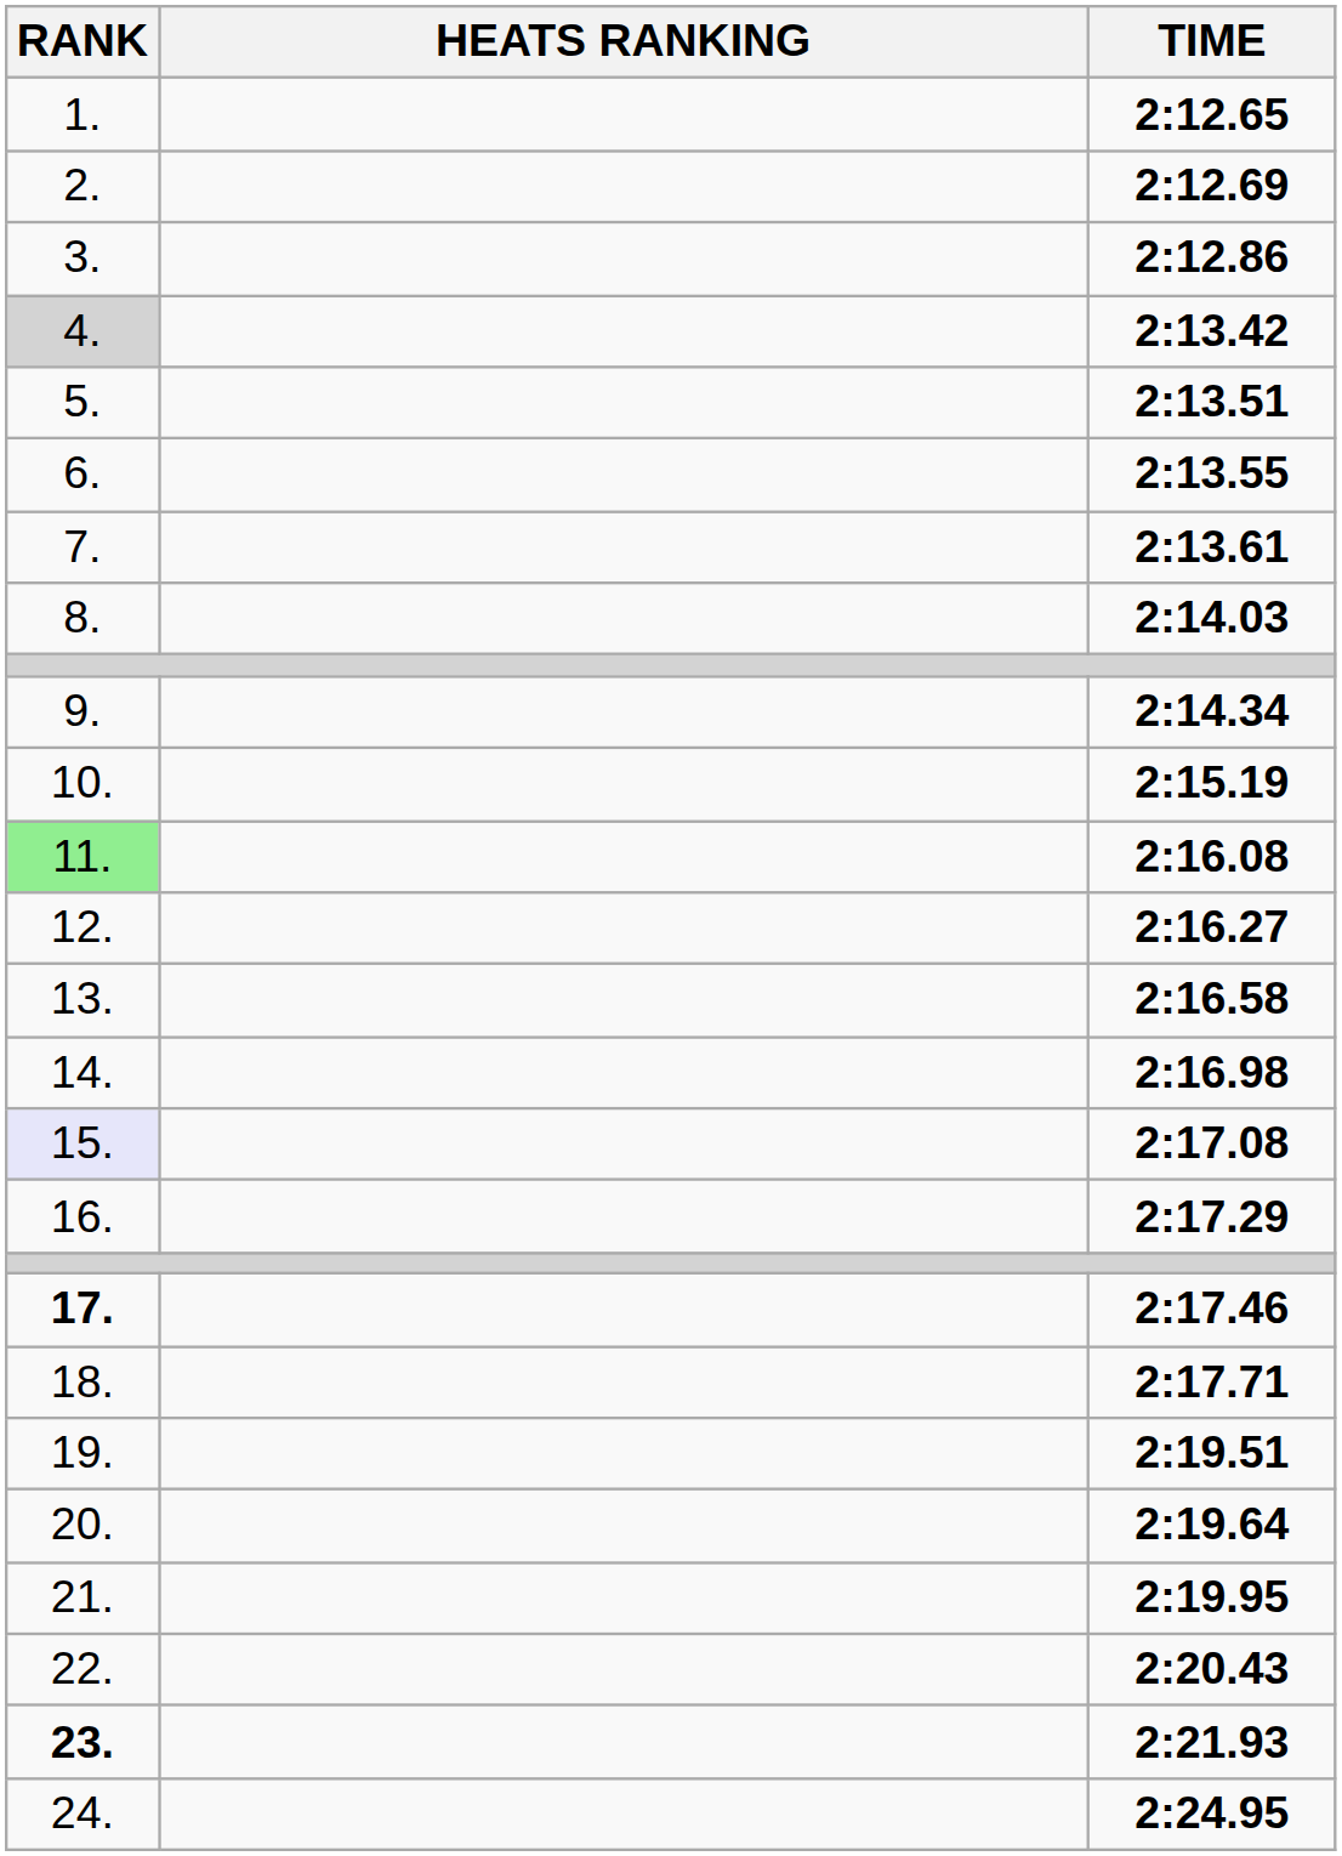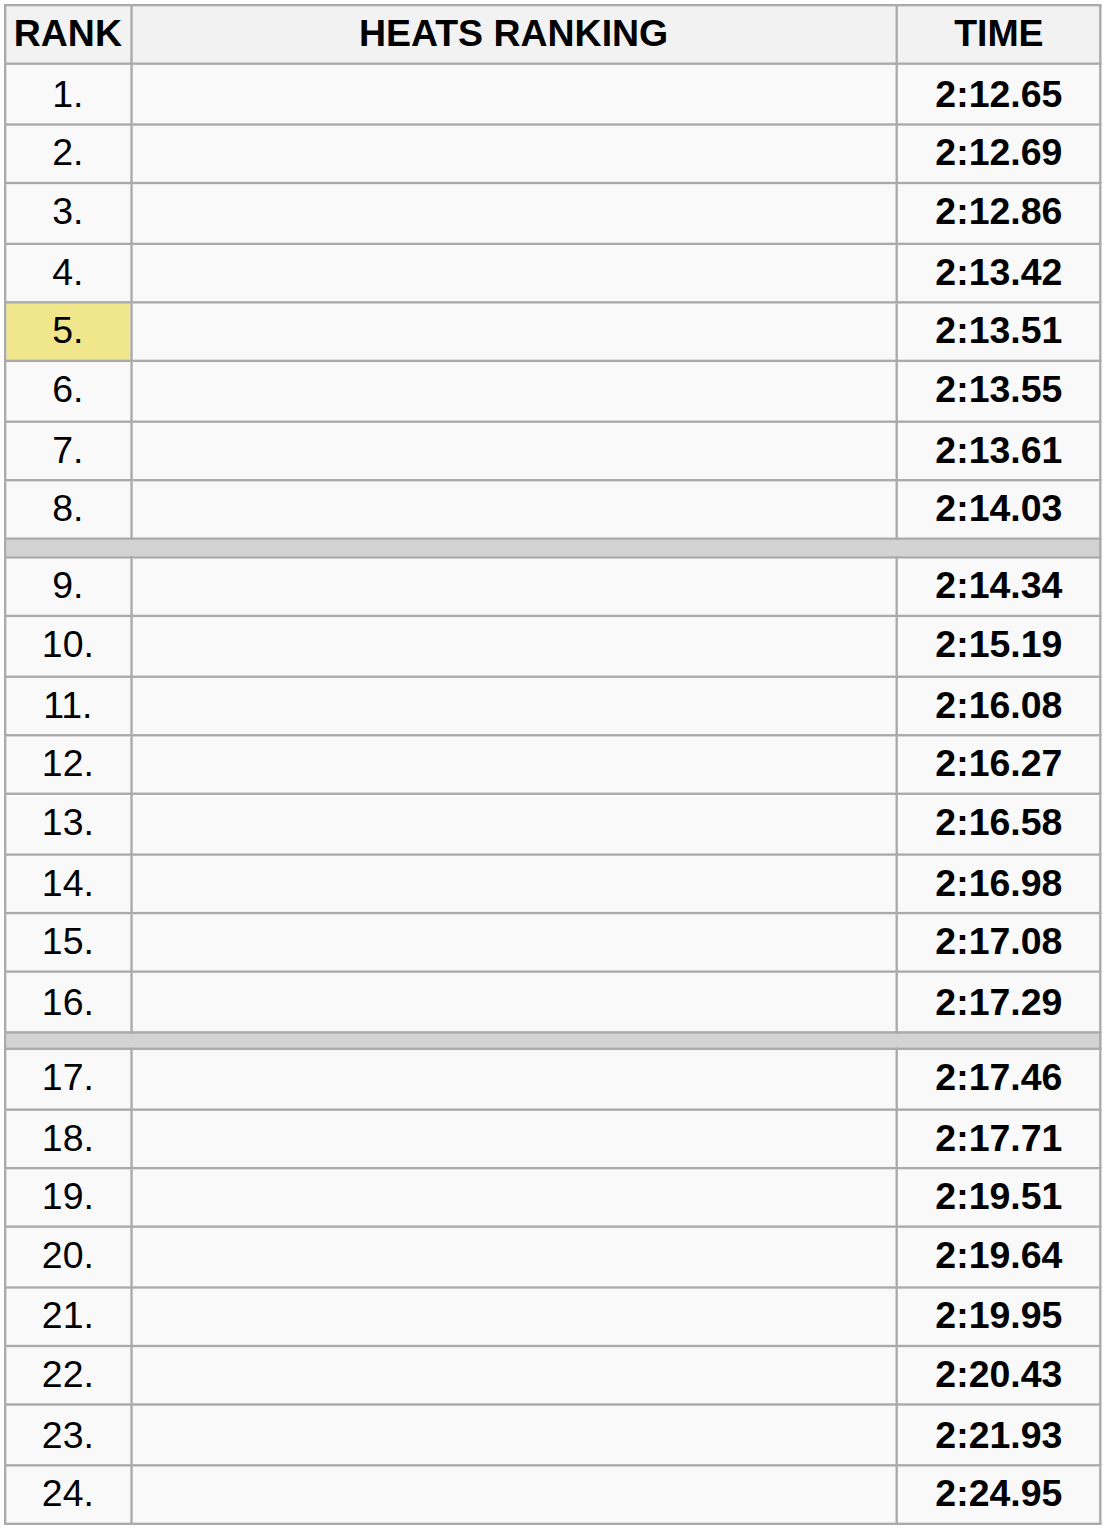 <table class="wikitable">
 <tr>
 <th>RANK</th>
 <th style="width: 20em">HEATS RANKING</th>
 <th style="width: 5em">TIME</th>
 </tr>
 <tr>
 <td align="center">1.</td>
 <td></td>
 <td align="center"><strong>2:12.65</strong></td>
 </tr>
 <tr>
 <td align="center">2.</td>
 <td></td>
 <td align="center"><strong>2:12.69</strong></td>
 </tr>
 <tr>
 <td align="center">3.</td>
 <td></td>
 <td align="center"><strong>2:12.86</strong></td>
 </tr>
 <tr>
-<td align="center" style="background: lightgrey;">4.</td>
+<td align="center">4.</td>
 <td></td>
 <td align="center"><strong>2:13.42</strong></td>
 </tr>
 <tr>
-<td align="center">5.</td>
+<td align="center" style="background: khaki;">5.</td>
 <td></td>
 <td align="center"><strong>2:13.51</strong></td>
 </tr>
 <tr>
 <td align="center">6.</td>
 <td></td>
 <td align="center"><strong>2:13.55</strong></td>
 </tr>
 <tr>
 <td align="center">7.</td>
 <td></td>
 <td align="center"><strong>2:13.61</strong></td>
 </tr>
 <tr>
 <td align="center">8.</td>
 <td></td>
 <td align="center"><strong>2:14.03</strong></td>
 </tr>
 <tr>
 <td colspan=3 bgcolor=lightgray></td>
 </tr>
 <tr>
 <td align="center">9.</td>
 <td></td>
 <td align="center"><strong>2:14.34</strong></td>
 </tr>
 <tr>
 <td align="center">10.</td>
 <td></td>
 <td align="center"><strong>2:15.19</strong></td>
 </tr>
 <tr>
-<td align="center" style="background: lightgreen;">11.</td>
+<td align="center">11.</td>
 <td></td>
 <td align="center"><strong>2:16.08</strong></td>
 </tr>
 <tr>
 <td align="center">12.</td>
 <td></td>
 <td align="center"><strong>2:16.27</strong></td>
 </tr>
 <tr>
 <td align="center">13.</td>
 <td></td>
 <td align="center"><strong>2:16.58</strong></td>
 </tr>
 <tr>
 <td align="center">14.</td>
 <td></td>
 <td align="center"><strong>2:16.98</strong></td>
 </tr>
 <tr>
-<td align="center" style="background: lavender;">15.</td>
+<td align="center">15.</td>
 <td></td>
 <td align="center"><strong>2:17.08</strong></td>
 </tr>
 <tr>
 <td align="center">16.</td>
 <td></td>
 <td align="center"><strong>2:17.29</strong></td>
 </tr>
 <tr>
 <td colspan=3 bgcolor=lightgray></td>
 </tr>
 <tr>
-<td align="center"><strong>17.</strong></td>
+<td align="center">17.</td>
 <td></td>
 <td align="center"><strong>2:17.46</strong></td>
 </tr>
 <tr>
 <td align="center">18.</td>
 <td></td>
 <td align="center"><strong>2:17.71</strong></td>
 </tr>
 <tr>
 <td align="center">19.</td>
 <td></td>
 <td align="center"><strong>2:19.51</strong></td>
 </tr>
 <tr>
 <td align="center">20.</td>
 <td></td>
 <td align="center"><strong>2:19.64</strong></td>
 </tr>
 <tr>
 <td align="center">21.</td>
 <td></td>
 <td align="center"><strong>2:19.95</strong></td>
 </tr>
 <tr>
 <td align="center">22.</td>
 <td></td>
 <td align="center"><strong>2:20.43</strong></td>
 </tr>
 <tr>
-<td align="center"><strong>23.</strong></td>
+<td align="center">23.</td>
 <td></td>
 <td align="center"><strong>2:21.93</strong></td>
 </tr>
 <tr>
 <td align="center">24.</td>
 <td></td>
 <td align="center"><strong>2:24.95</strong></td>
 </tr>
 </table>
